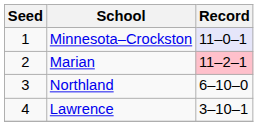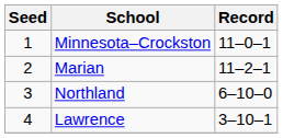 <table class="wikitable">
 <tr>
 <th>Seed</th>
 <th>School</th>
 <th>Record</th>
 </tr>
 <tr>
 <td align=center>1</td>
 <td><a href='#'>Minnesota–Crockston</a></td>
-<td style="background: lavender;">11–0–1</td>
+<td>11–0–1</td>
 </tr>
 <tr>
 <td align=center>2</td>
 <td><a href='#'>Marian</a></td>
-<td style="background: pink;">11–2–1</td>
+<td>11–2–1</td>
 </tr>
 <tr>
 <td align=center>3</td>
 <td><a href='#'>Northland</a></td>
 <td>6–10–0</td>
 </tr>
 <tr>
 <td align=center>4</td>
 <td><a href='#'>Lawrence</a></td>
 <td>3–10–1</td>
 </tr>
 <tr>
 </tr>
 </table>
